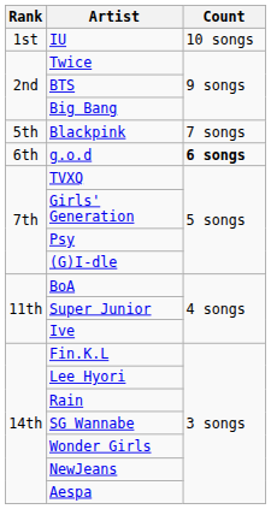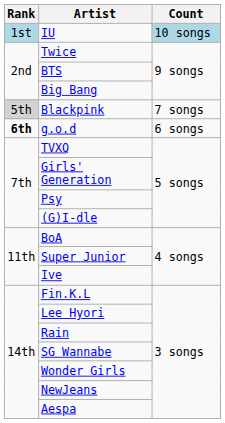 <table class="wikitable">
 <tr>
 <th>Rank</th>
 <th style="width:120px;">Artist</th>
 <th style="width:70px;">Count</th>
 </tr>
 <tr>
-<td rowspan='1' style="text-align:center">1st</td>
+<td rowspan='1' style="background: lightblue; text-align:center">1st</td>
 <td><a href='#'>IU</a></td>
-<td>10 songs</td>
+<td style="background: lightblue;">10 songs</td>
 </tr>
 <tr>
 <td rowspan='3' style="text-align:center">2nd</td>
 <td><a href='#'>Twice</a></td>
 <td rowspan='3'>9 songs</td>
 </tr>
 <tr>
 <td><a href='#'>BTS</a></td>
 </tr>
 <tr>
 <td><a href='#'>Big Bang</a></td>
 </tr>
 <tr>
-<td rowspan='1' style="text-align:center">5th</td>
+<td rowspan='1' style="background: lightgrey; text-align:center">5th</td>
 <td><a href='#'>Blackpink</a></td>
 <td rowspan='1'>7 songs</td>
 </tr>
 <tr>
-<td rowspan='1' style="text-align:center">6th</td>
+<td rowspan='1' style="text-align:center"><strong>6th</strong></td>
 <td><a href='#'>g.o.d</a></td>
-<td rowspan='1'><strong>6 songs</strong></td>
+<td rowspan='1'>6 songs</td>
 </tr>
 <tr>
 <td rowspan='4' style="text-align:center">7th</td>
 <td><a href='#'>TVXQ</a></td>
 <td rowspan='4'>5 songs</td>
 </tr>
 <tr>
 <td><a href='#'>Girls' Generation</a></td>
 </tr>
 <tr>
 <td><a href='#'>Psy</a></td>
 </tr>
 <tr>
 <td><a href='#'>(G)I-dle</a></td>
 </tr>
 <tr>
 <td rowspan='3' style="text-align:center">11th</td>
 <td><a href='#'>BoA</a></td>
 <td rowspan='3'>4 songs</td>
 </tr>
 <tr>
 <td><a href='#'>Super Junior</a></td>
 </tr>
 <tr>
 <td><a href='#'>Ive</a></td>
 </tr>
 <tr>
 <td rowspan='8' style="text-align:center">14th</td>
 <td><a href='#'>Fin.K.L</a></td>
 <td rowspan='8'>3 songs</td>
 </tr>
 <tr>
 <td><a href='#'>Lee Hyori</a></td>
 </tr>
 <tr>
 <td><a href='#'>Rain</a></td>
 </tr>
 <tr>
 <td><a href='#'>SG Wannabe</a></td>
 </tr>
 <tr>
 <td><a href='#'>Wonder Girls</a></td>
 </tr>
 <tr>
 <td><a href='#'>NewJeans</a></td>
 </tr>
 <tr>
 <td><a href='#'>Aespa</a></td>
 </tr>
 </table>
